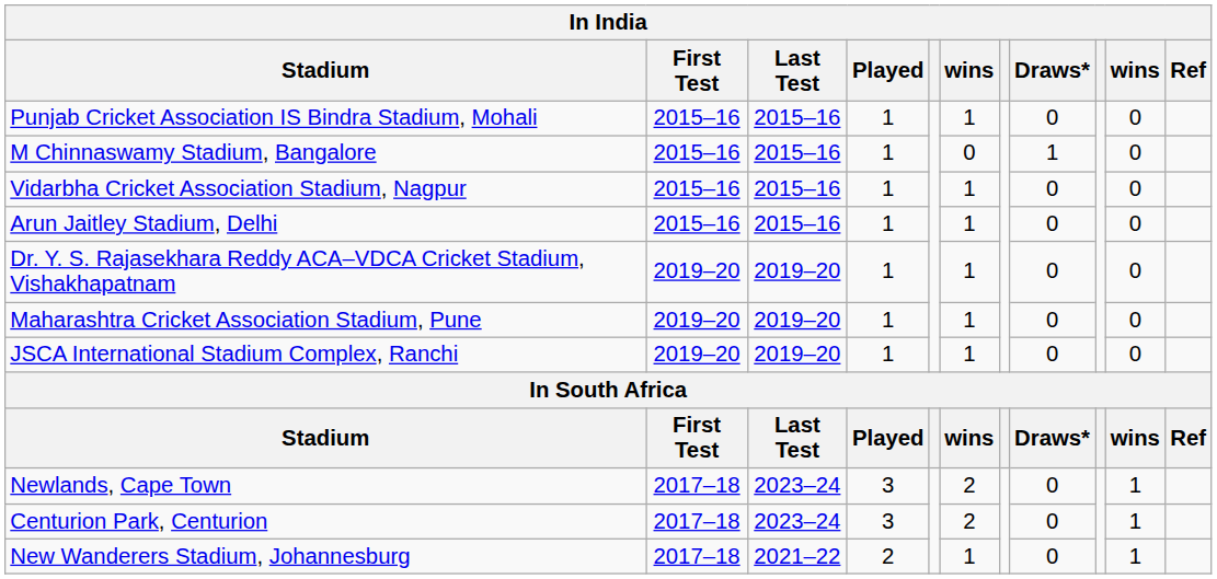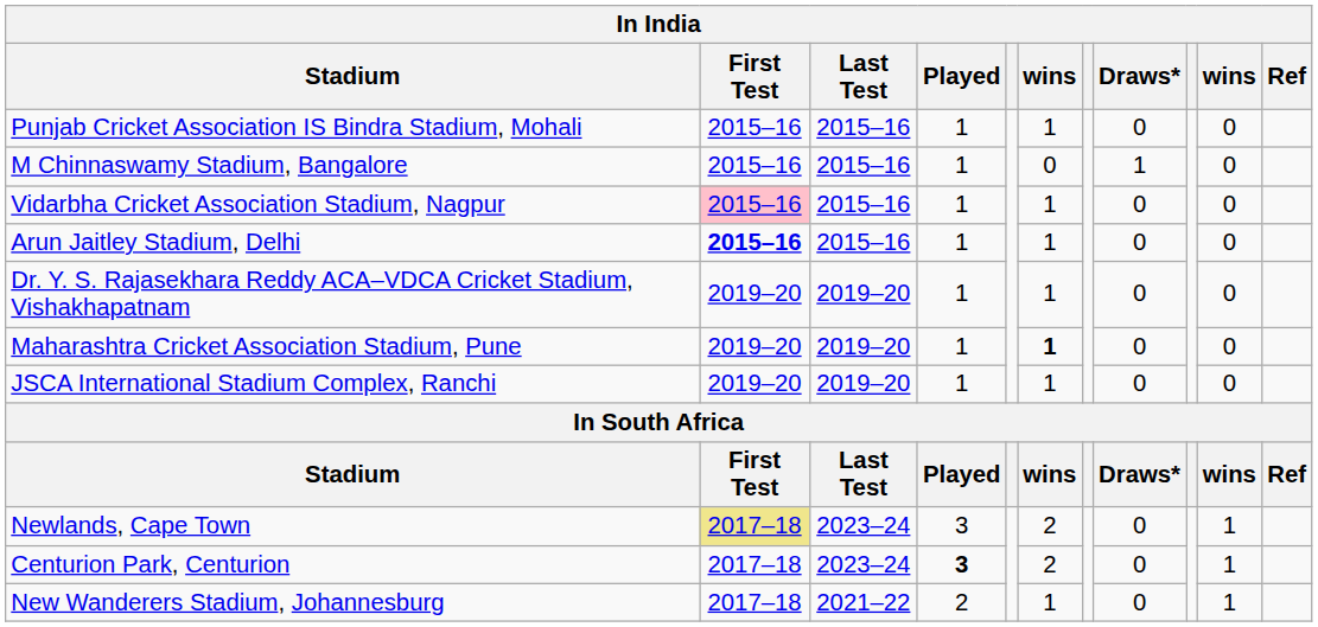 <table class=wikitable style="text-align:center">
 <tr>
 <th colspan=14>In India</th>
 </tr>
 <tr>
 <th>Stadium</th>
 <th>First Test</th>
 <th>Last Test</th>
 <th>Played</th>
 <th></th>
 <th> wins</th>
 <th></th>
 <th>Draws*</th>
 <th></th>
 <th> wins</th>
 <th>Ref</th>
 </tr>
 <tr>
 <td align=left><a href='#'>Punjab Cricket Association IS Bindra Stadium</a>, <a href='#'>Mohali</a></td>
 <td><a href='#'>2015–16</a></td>
 <td><a href='#'>2015–16</a></td>
 <td>1</td>
 <td rowspan=7></td>
 <td>1</td>
 <td rowspan=7></td>
 <td>0</td>
 <td rowspan=7></td>
 <td>0</td>
 <td></td>
 </tr>
 <tr>
 <td align=left><a href='#'>M Chinnaswamy Stadium</a>, <a href='#'>Bangalore</a></td>
 <td><a href='#'>2015–16</a></td>
 <td><a href='#'>2015–16</a></td>
 <td>1</td>
 <td>0</td>
 <td>1</td>
 <td>0</td>
 <td></td>
 </tr>
 <tr>
 <td align=left><a href='#'>Vidarbha Cricket Association Stadium</a>, <a href='#'>Nagpur</a></td>
-<td><a href='#'>2015–16</a></td>
+<td style="background: pink;"><a href='#'>2015–16</a></td>
 <td><a href='#'>2015–16</a></td>
 <td>1</td>
 <td>1</td>
 <td>0</td>
 <td>0</td>
 <td></td>
 </tr>
 <tr>
 <td align=left><a href='#'>Arun Jaitley Stadium</a>, <a href='#'>Delhi</a></td>
-<td><a href='#'>2015–16</a></td>
+<td><strong><a href='#'>2015–16</a></strong></td>
 <td><a href='#'>2015–16</a></td>
 <td>1</td>
 <td>1</td>
 <td>0</td>
 <td>0</td>
 <td></td>
 </tr>
 <tr>
 <td align=left><a href='#'>Dr. Y. S. Rajasekhara Reddy ACA–VDCA Cricket Stadium</a>, <a href='#'>Vishakhapatnam</a></td>
 <td><a href='#'>2019–20</a></td>
 <td><a href='#'>2019–20</a></td>
 <td>1</td>
 <td>1</td>
 <td>0</td>
 <td>0</td>
 <td></td>
 </tr>
 <tr>
 <td align=left><a href='#'>Maharashtra Cricket Association Stadium</a>, <a href='#'>Pune</a></td>
 <td><a href='#'>2019–20</a></td>
 <td><a href='#'>2019–20</a></td>
 <td>1</td>
-<td>1</td>
+<td><strong>1</strong></td>
 <td>0</td>
 <td>0</td>
 <td></td>
 </tr>
 <tr>
 <td align=left><a href='#'>JSCA International Stadium Complex</a>, <a href='#'>Ranchi</a></td>
 <td><a href='#'>2019–20</a></td>
 <td><a href='#'>2019–20</a></td>
 <td>1</td>
 <td>1</td>
 <td>0</td>
 <td>0</td>
 <td></td>
 </tr>
 <tr>
 <th colspan=14>In South Africa</th>
 </tr>
 <tr>
 <th>Stadium</th>
 <th>First Test</th>
 <th>Last Test</th>
 <th>Played</th>
 <th></th>
 <th> wins</th>
 <th></th>
 <th>Draws*</th>
 <th></th>
 <th> wins</th>
 <th>Ref</th>
 </tr>
 <tr>
 <td align=left><a href='#'>Newlands</a>, <a href='#'>Cape Town</a></td>
-<td><a href='#'>2017–18</a></td>
+<td style="background: khaki;"><a href='#'>2017–18</a></td>
 <td><a href='#'>2023–24</a></td>
 <td>3</td>
 <td rowspan=3></td>
 <td>2</td>
 <td rowspan=3></td>
 <td>0</td>
 <td rowspan=3></td>
 <td>1</td>
 <td></td>
 </tr>
 <tr>
 <td align=left><a href='#'>Centurion Park</a>, <a href='#'>Centurion</a></td>
 <td><a href='#'>2017–18</a></td>
 <td><a href='#'>2023–24</a></td>
-<td>3</td>
+<td><strong>3</strong></td>
 <td>2</td>
 <td>0</td>
 <td>1</td>
 <td></td>
 </tr>
 <tr>
 <td align=left><a href='#'>New Wanderers Stadium</a>, <a href='#'>Johannesburg</a></td>
 <td><a href='#'>2017–18</a></td>
 <td><a href='#'>2021–22</a></td>
 <td>2</td>
 <td>1</td>
 <td>0</td>
 <td>1</td>
 <td></td>
 </tr>
 </table>
